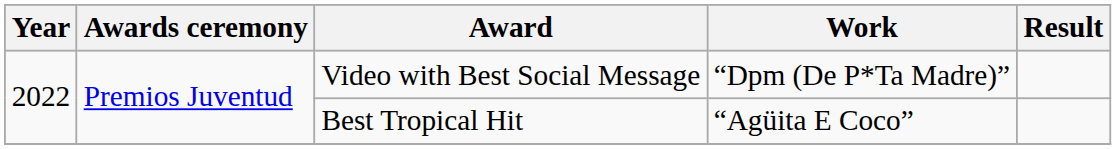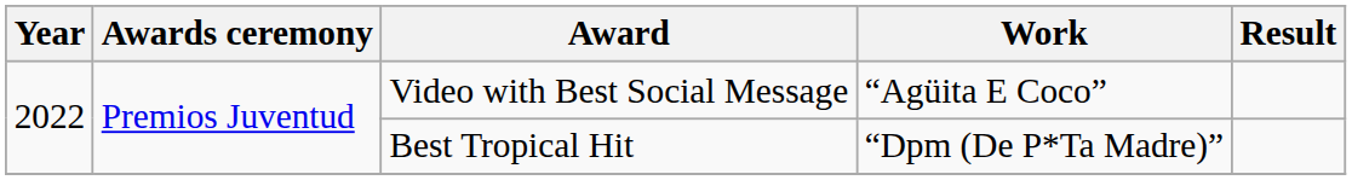 <table class="wikitable">
 <tr>
 <th>Year</th>
 <th>Awards ceremony</th>
 <th>Award</th>
 <th>Work</th>
 <th>Result</th>
 </tr>
 <tr>
 <td rowspan="2">2022</td>
 <td rowspan="2"><a href='#'>Premios Juventud</a></td>
 <td>Video with Best Social Message</td>
-<td>“Dpm (De P*Ta Madre)”</td>
+<td>“Agüita E Coco”</td>
 <td></td>
 </tr>
 <tr>
 <td>Best Tropical Hit</td>
-<td>“Agüita E Coco”</td>
+<td>“Dpm (De P*Ta Madre)”</td>
 <td></td>
 </tr>
 <tr>
 </tr>
 </table>
